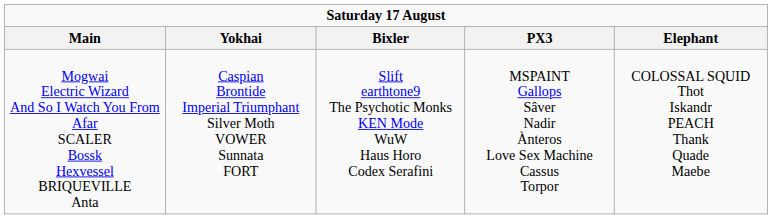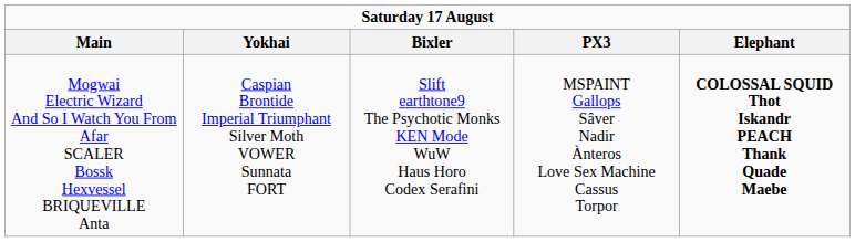 <table class="wikitable">
 <tr>
 <td colspan="5" style="text-align:center;"><strong>Saturday 17 August</strong></td>
 </tr>
 <tr>
 <th>Main</th>
 <th>Yokhai</th>
 <th>Bixler</th>
 <th>PX3</th>
 <th>Elephant</th>
 </tr>
 <tr>
 <td style="text-align:center; vertical-align:top; width:215px;"><br><a href='#'>Mogwai</a><br> <a href='#'>Electric Wizard</a><br> <a href='#'>And So I Watch You From Afar</a><br> SCALER<br> <a href='#'>Bossk</a><br> <a href='#'>Hexvessel</a><br> BRIQUEVILLE<br> Anta<br></td>
 <td style="text-align:center; vertical-align:top; width:215px;"><br><a href='#'>Caspian</a><br> <a href='#'>Brontide</a><br> <a href='#'>Imperial Triumphant</a><br> Silver Moth<br> VOWER<br> Sunnata<br> FORT<br></td>
 <td style="text-align:center; vertical-align:top; width:215px;"><br><a href='#'>Slift</a><br> <a href='#'>earthtone9</a><br> The Psychotic Monks<br> <a href='#'>KEN Mode</a><br> WuW<br> Haus Horo<br> Codex Serafini<br></td>
 <td style="text-align:center; vertical-align:top; width:215px;"><br>MSPAINT<br> <a href='#'>Gallops</a><br> Sâver<br> Nadir<br> Ànteros<br> Love Sex Machine<br> Cassus<br> Torpor<br></td>
-<td style="text-align:center; vertical-align:top; width:215px;"><br>COLOSSAL SQUID<br> Thot<br> Iskandr<br> PEACH<br> Thank<br> Quade<br> Maebe<br></td>
+<td style="text-align:center; vertical-align:top; width:215px;"><strong><br>COLOSSAL SQUID<br> Thot<br> Iskandr<br> PEACH<br> Thank<br> Quade<br> Maebe<br></strong></td>
 </tr>
 </table>
